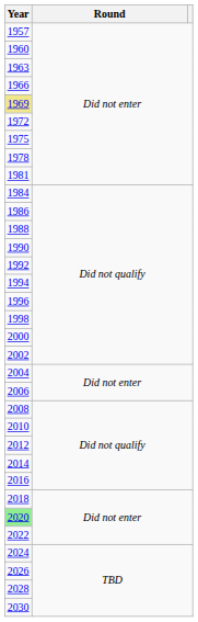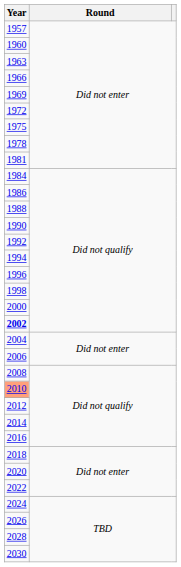 <table class="wikitable" style="text-align: center; font-size:90%">
 <tr>
 <th>Year</th>
 <th style="width:200px">Round</th>
 <th></th>
 </tr>
 <tr>
 <td><a href='#'>1957</a></td>
 <td colspan="2" rowspan="9"><em>Did not enter</em></td>
 </tr>
 <tr>
 <td><a href='#'>1960</a></td>
 </tr>
 <tr>
 <td><a href='#'>1963</a></td>
 </tr>
 <tr>
 <td><a href='#'>1966</a></td>
 </tr>
 <tr>
-<td style="background: khaki;"><a href='#'>1969</a></td>
+<td><a href='#'>1969</a></td>
 </tr>
 <tr>
 <td><a href='#'>1972</a></td>
 </tr>
 <tr>
 <td><a href='#'>1975</a></td>
 </tr>
 <tr>
 <td><a href='#'>1978</a></td>
 </tr>
 <tr>
 <td><a href='#'>1981</a></td>
 </tr>
 <tr>
 <td><a href='#'>1984</a></td>
 <td colspan="2" rowspan="10"><em>Did not qualify</em></td>
 </tr>
 <tr>
 <td><a href='#'>1986</a></td>
 </tr>
 <tr>
 <td><a href='#'>1988</a></td>
 </tr>
 <tr>
 <td><a href='#'>1990</a></td>
 </tr>
 <tr>
 <td><a href='#'>1992</a></td>
 </tr>
 <tr>
 <td><a href='#'>1994</a></td>
 </tr>
 <tr>
 <td><a href='#'>1996</a></td>
 </tr>
 <tr>
 <td><a href='#'>1998</a></td>
 </tr>
 <tr>
 <td><a href='#'>2000</a></td>
 </tr>
 <tr>
-<td><a href='#'>2002</a></td>
+<td><strong><a href='#'>2002</a></strong></td>
 </tr>
 <tr>
 <td><a href='#'>2004</a></td>
 <td colspan="2" rowspan="2"><em>Did not enter</em></td>
 </tr>
 <tr>
 <td><a href='#'>2006</a></td>
 </tr>
 <tr>
 <td><a href='#'>2008</a></td>
 <td colspan="2" rowspan="5"><em>Did not qualify</em></td>
 </tr>
 <tr>
-<td><a href='#'>2010</a></td>
+<td style="background: lightsalmon;"><a href='#'>2010</a></td>
 </tr>
 <tr>
 <td><a href='#'>2012</a></td>
 </tr>
 <tr>
 <td><a href='#'>2014</a></td>
 </tr>
 <tr>
 <td><a href='#'>2016</a></td>
 </tr>
 <tr>
 <td><a href='#'>2018</a></td>
 <td colspan="2" rowspan="3"><em>Did not enter</em></td>
 </tr>
 <tr>
-<td style="background: lightgreen;"><a href='#'>2020</a></td>
+<td><a href='#'>2020</a></td>
 </tr>
 <tr>
 <td><a href='#'>2022</a></td>
 </tr>
 <tr>
 <td><a href='#'>2024</a></td>
 <td colspan="2" rowspan="4"><em>TBD</em></td>
 </tr>
 <tr>
 <td><a href='#'>2026</a></td>
 </tr>
 <tr>
 <td><a href='#'>2028</a></td>
 </tr>
 <tr>
 <td><a href='#'>2030</a></td>
 </tr>
 </table>
